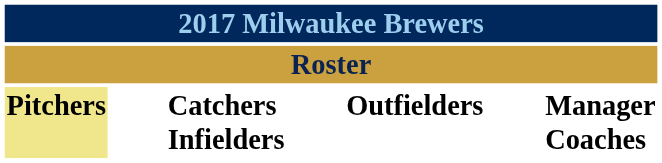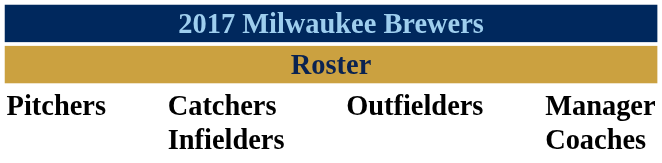 <table class="toccolours" style="font-size: 95%;">
 <tr>
 <th colspan="10" style="background-color: #00285D; color: #9ECEEE; text-align: center;">2017 Milwaukee Brewers</th>
 </tr>
 <tr>
 <td colspan="10" style="background-color: #CBA140; color: #0a2351; text-align: center;"><strong>Roster</strong></td>
 </tr>
 <tr>
-<td valign="top" style="background: khaki;"><strong>Pitchers</strong><br>                            </td>
+<td valign="top"><strong>Pitchers</strong><br>                            </td>
 <td width="25px"></td>
 <td valign="top"><strong>Catchers</strong><br>    <strong>Infielders</strong>        </td>
 <td width="25px"></td>
 <td valign="top"><strong>Outfielders</strong><br>        </td>
 <td width="25px"></td>
 <td valign="top"><strong>Manager</strong><br> <strong>Coaches</strong>                  </td>
 </tr>
 <tr>
 </tr>
 </table>
